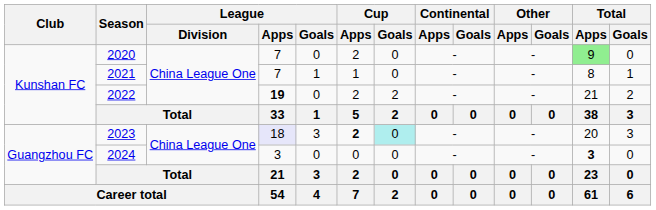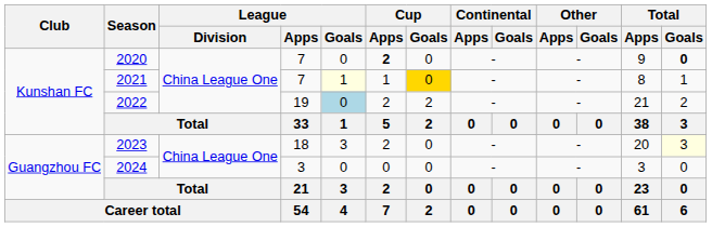 <table class="wikitable" style="text-align: center">
 <tr>
 <th rowspan="2">Club</th>
 <th rowspan="2">Season</th>
 <th colspan="3">League</th>
 <th colspan="2">Cup</th>
 <th colspan="2">Continental</th>
 <th colspan="2">Other</th>
 <th colspan="2">Total</th>
 </tr>
 <tr>
 <th>Division</th>
 <th>Apps</th>
 <th>Goals</th>
 <th>Apps</th>
 <th>Goals</th>
 <th>Apps</th>
 <th>Goals</th>
 <th>Apps</th>
 <th>Goals</th>
 <th>Apps</th>
 <th>Goals</th>
 </tr>
 <tr>
 <td rowspan="4"><a href='#'>Kunshan FC</a></td>
 <td><a href='#'>2020</a></td>
 <td rowspan="3"><a href='#'>China League One</a></td>
 <td>7</td>
 <td>0</td>
-<td>2</td>
+<td><strong>2</strong></td>
 <td>0</td>
 <td colspan="2">-</td>
 <td colspan="2">-</td>
-<td style="background: lightgreen;">9</td>
-<td>0</td>
+<td>9</td>
+<td><strong>0</strong></td>
 </tr>
 <tr>
 <td><a href='#'>2021</a></td>
 <td>7</td>
+<td style="background: lightyellow;">1</td>
 <td>1</td>
-<td>1</td>
-<td>0</td>
+<td style="background: gold;">0</td>
 <td colspan="2">-</td>
 <td colspan="2">-</td>
 <td>8</td>
 <td>1</td>
 </tr>
 <tr>
 <td><a href='#'>2022</a></td>
-<td><strong>19</strong></td>
-<td>0</td>
+<td>19</td>
+<td style="background: lightblue;">0</td>
 <td>2</td>
 <td>2</td>
 <td colspan="2">-</td>
 <td colspan="2">-</td>
 <td>21</td>
 <td>2</td>
 </tr>
 <tr>
 <th colspan=2>Total</th>
 <th>33</th>
 <th>1</th>
 <th>5</th>
 <th>2</th>
 <th>0</th>
 <th>0</th>
 <th>0</th>
 <th>0</th>
 <th>38</th>
 <th>3</th>
 </tr>
 <tr>
 <td rowspan="3"><a href='#'>Guangzhou FC</a></td>
 <td><a href='#'>2023</a></td>
 <td rowspan="2"><a href='#'>China League One</a></td>
-<td style="background: lavender;">18</td>
+<td>18</td>
 <td>3</td>
-<td><strong>2</strong></td>
-<td style="background: paleturquoise;">0</td>
+<td>2</td>
+<td>0</td>
 <td colspan="2">-</td>
 <td colspan="2">-</td>
 <td>20</td>
-<td>3</td>
+<td style="background: lightyellow;">3</td>
 </tr>
 <tr>
 <td><a href='#'>2024</a></td>
 <td>3</td>
 <td>0</td>
 <td>0</td>
 <td>0</td>
 <td colspan="2">-</td>
 <td colspan="2">-</td>
-<td><strong>3</strong></td>
+<td>3</td>
 <td>0</td>
 </tr>
 <tr>
 <th colspan=2>Total</th>
 <th>21</th>
 <th>3</th>
 <th>2</th>
 <th>0</th>
 <th>0</th>
 <th>0</th>
 <th>0</th>
 <th>0</th>
 <th>23</th>
 <th>0</th>
 </tr>
 <tr>
 <th colspan=3>Career total</th>
 <th>54</th>
 <th>4</th>
 <th>7</th>
 <th>2</th>
 <th>0</th>
 <th>0</th>
 <th>0</th>
 <th>0</th>
 <th>61</th>
 <th>6</th>
 </tr>
 </table>
